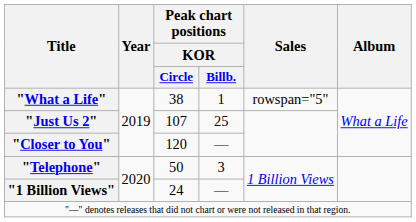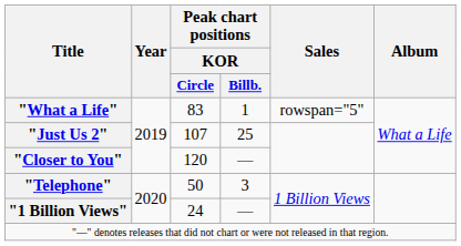 <table class="wikitable plainrowheaders" style="text-align:center;">
 <tr>
 <th rowspan="3">Title</th>
 <th rowspan="3">Year</th>
 <th colspan="2">Peak chart positions</th>
 <th rowspan="3">Sales</th>
 <th rowspan="3">Album</th>
 </tr>
 <tr>
 <th colspan="2">KOR</th>
 </tr>
 <tr>
 <th scope="col" style="width:3em;font-size:90%;"><a href='#'>Circle</a><br></th>
 <th scope="col" style="width:3em;font-size:90%;"><a href='#'>Billb.</a><br></th>
 </tr>
 <tr>
 <th scope="row">"<a href='#'>What a Life</a>"</th>
 <td rowspan="3">2019</td>
-<td>38</td>
+<td>83</td>
 <td>1</td>
 <td>rowspan="5" </td>
 <td rowspan="3"><a href='#'><em>What a Life</em></a></td>
 </tr>
 <tr>
 <th scope="row">"<a href='#'>Just Us 2</a>" </th>
 <td>107</td>
 <td>25</td>
 </tr>
 <tr>
 <th scope="row">"<a href='#'>Closer to You</a>" </th>
 <td>120</td>
 <td>—</td>
 </tr>
 <tr>
 <th scope="row">"<a href='#'>Telephone</a>" </th>
 <td rowspan="2">2020</td>
 <td>50</td>
 <td>3</td>
 <td rowspan="2"><em><a href='#'>1 Billion Views</a></em></td>
 </tr>
 <tr>
 <th scope="row">"1 Billion Views" </th>
 <td>24</td>
 <td>—</td>
 </tr>
 <tr>
 <td colspan="7" style="text-align:center; font-size:8pt;">"—" denotes releases that did not chart or were not released in that region.</td>
 </tr>
 </table>
